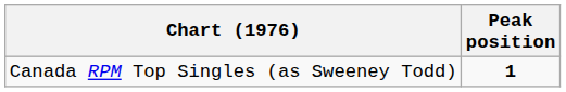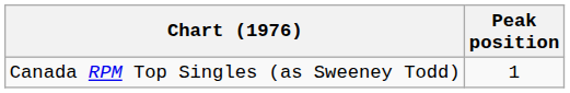 <table class="wikitable">
 <tr>
 <th>Chart (1976)</th>
 <th>Peak<br>position</th>
 </tr>
 <tr>
 <td>Canada <em><a href='#'>RPM</a></em> Top Singles (as Sweeney Todd)</td>
-<td style="text-align:center;"><strong>1</strong></td>
+<td style="text-align:center;">1</td>
 </tr>
 </table>
